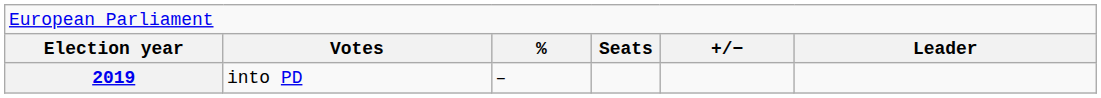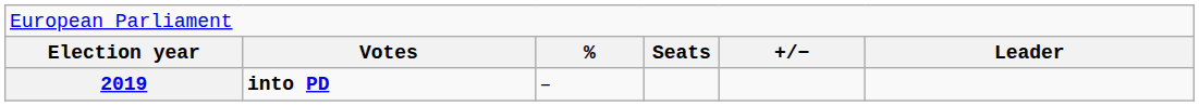 <table class=wikitable style="width:50%; border:1px #AAAAFF solid">
 <tr>
 <td colspan=6><a href='#'>European Parliament</a></td>
 </tr>
 <tr>
 <th width=13%>Election year</th>
 <th width=16%>Votes</th>
 <th width=6%>%</th>
 <th width=1%>Seats</th>
 <th width=8%>+/−</th>
 <th width=18%>Leader</th>
 </tr>
 <tr>
 <th><a href='#'>2019</a></th>
-<td>into <a href='#'>PD</a></td>
+<td><strong>into <a href='#'>PD</a></strong></td>
 <td>–</td>
 <td></td>
 <td></td>
 <td></td>
 </tr>
 </table>
